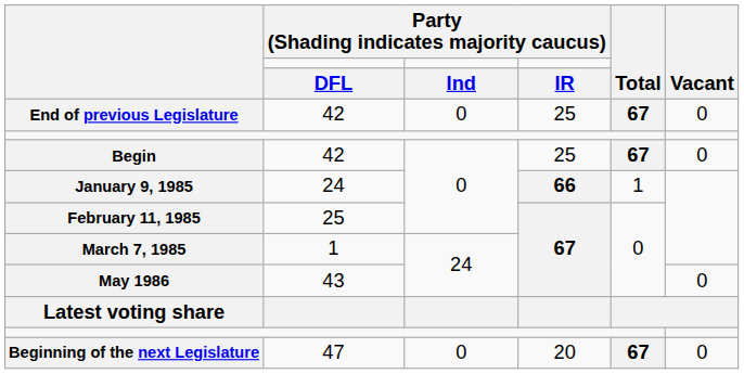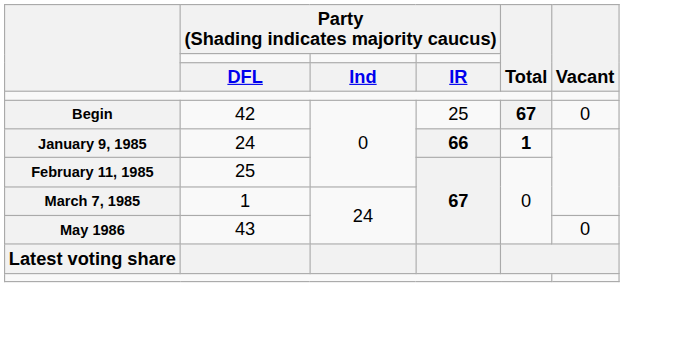 <table class=wikitable style="text-align:center">
 <tr style="vertical-align:bottom;">
 <th rowspan=3></th>
 <th colspan=3>Party <div>(Shading indicates majority caucus)</div></th>
 <th rowspan=3>Total</th>
 <th rowspan=3>Vacant</th>
 </tr>
 <tr style="height:5px">
 <td style="background-color:"></td>
 <td style="background-color:"></td>
 <td style="background-color:"></td>
 </tr>
 <tr>
 <th><a href='#'>DFL</a></th>
 <th><a href='#'>Ind</a></th>
 <th><a href='#'>IR</a></th>
 </tr>
 <tr>
-<th style="white-space:nowrap; font-size:80%;">End of <a href='#'>previous Legislature</a></th>
-<td>42</td>
-<td>0</td>
-<td>25</td>
-<th>67</th>
-<td>0</td>
-</tr>
-<tr>
 <td colspan=5></td>
 </tr>
 <tr>
 <th style="font-size:80%">Begin</th>
 <td>42</td>
 <td rowspan="3">0</td>
 <td>25</td>
 <th>67</th>
 <td>0</td>
 </tr>
 <tr>
 <th style="font-size:80%">January 9, 1985 </th>
 <td>24</td>
 <th>66</th>
-<td>1</td>
+<td><strong>1</strong></td>
 </tr>
 <tr>
 <th style="font-size:80%">February 11, 1985 </th>
 <td>25</td>
 <th rowspan="3">67</th>
 <td rowspan="3">0</td>
 </tr>
 <tr>
 <th style="font-size:80%">March 7, 1985 </th>
 <td>1</td>
 <td rowspan="2">24</td>
 </tr>
 <tr>
 <th style="font-size:80%">May 1986 </th>
 <td>43</td>
 <td>0</td>
 </tr>
 <tr>
 <th>Latest voting share</th>
 <th></th>
 <th></th>
 <th></th>
 <th colspan=2></th>
 </tr>
 <tr>
 <td colspan=5></td>
 </tr>
-<tr>
-<th style="white-space:nowrap; font-size:80%;">Beginning of the <a href='#'>next Legislature</a></th>
-<td>47</td>
-<td>0</td>
-<td>20</td>
-<th>67</th>
-<td>0</td>
-</tr>
 </table>
